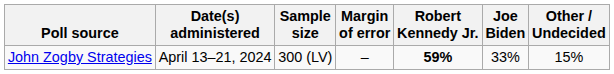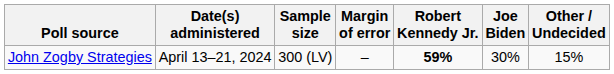 <table class="wikitable sortable mw-datatable" style="font-size:90%;text-align:center;line-height:17px">
 <tr valign=bottom>
 <th>Poll source</th>
 <th>Date(s)<br>administered</th>
 <th>Sample<br>size</th>
 <th>Margin<br>of error</th>
 <th class="unsortable">Robert<br>Kennedy Jr.<br></th>
 <th class="unsortable">Joe<br>Biden<br></th>
 <th class="unsortable">Other /<br>Undecided</th>
 </tr>
 <tr>
 <td style="text-align:left;"><a href='#'>John Zogby Strategies</a></td>
 <td data-sort-value="2024-05-01">April 13–21, 2024</td>
 <td>300 (LV)</td>
 <td>–</td>
 <td style="background-color:"><strong>59%</strong></td>
-<td>33%</td>
+<td>30%</td>
 <td>15%</td>
 </tr>
 </table>
